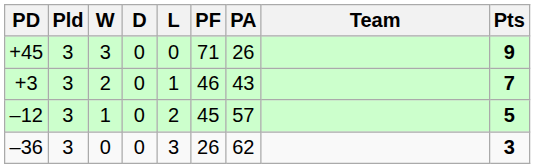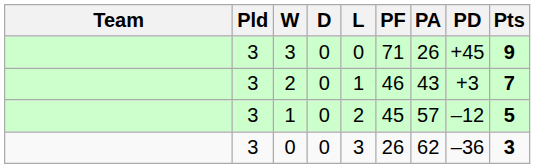 <table class="wikitable" style="text-align:center;">
 <tr>
-<th width=25 abbr="Points difference">PD</th>
+<th width=175>Team</th>
 <th width=20 abbr="Played">Pld</th>
 <th width=20 abbr="Won">W</th>
 <th width=20 abbr="Drawn">D</th>
 <th width=20 abbr="Lost">L</th>
 <th width=20 abbr="Points for">PF</th>
 <th width=20 abbr="Points against">PA</th>
-<th width=175>Team</th>
+<th width=25 abbr="Points difference">PD</th>
 <th width=20 abbr="Points">Pts</th>
 </tr>
 <tr style="background:#ccffcc">
-<td>+45</td>
+<td align=left></td>
 <td>3</td>
 <td>3</td>
 <td>0</td>
 <td>0</td>
 <td>71</td>
 <td>26</td>
-<td align=left></td>
+<td>+45</td>
 <td><strong>9</strong></td>
 </tr>
 <tr style="background:#ccffcc">
-<td>+3</td>
+<td align=left></td>
 <td>3</td>
 <td>2</td>
 <td>0</td>
 <td>1</td>
 <td>46</td>
 <td>43</td>
-<td align=left></td>
+<td>+3</td>
 <td><strong>7</strong></td>
 </tr>
 <tr style="background:#ccffcc">
-<td>–12</td>
+<td align=left></td>
 <td>3</td>
 <td>1</td>
 <td>0</td>
 <td>2</td>
 <td>45</td>
 <td>57</td>
-<td align=left></td>
+<td>–12</td>
 <td><strong>5</strong></td>
 </tr>
 <tr>
-<td>–36</td>
+<td align=left></td>
 <td>3</td>
 <td>0</td>
 <td>0</td>
 <td>3</td>
 <td>26</td>
 <td>62</td>
-<td align=left></td>
+<td>–36</td>
 <td><strong>3</strong></td>
 </tr>
 </table>
